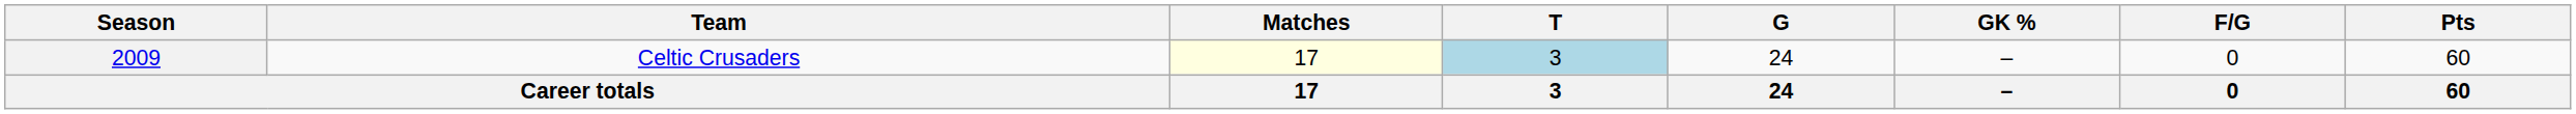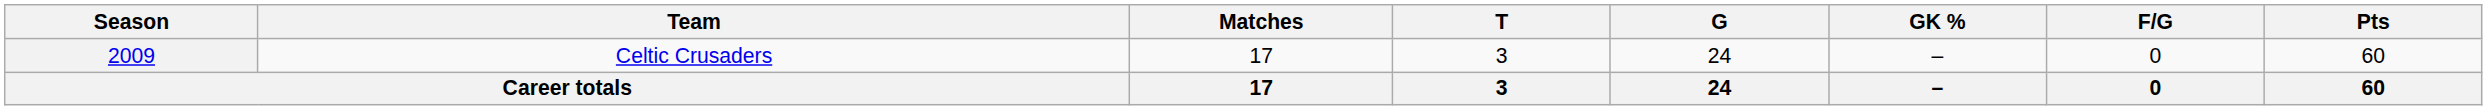 <table class="wikitable sortable"  style="font-size:90%; text-align:center; width:85%;">
 <tr>
 <th width=2%>Season</th>
 <th width=8%>Team</th>
 <th width=2%>Matches</th>
 <th width=2%>T</th>
 <th width=2%>G</th>
 <th width=2%>GK %</th>
 <th width=2%>F/G</th>
 <th width=2%>Pts</th>
 </tr>
 <tr>
 <th scope="row" style="text-align:center; font-weight:normal"><a href='#'>2009</a></th>
 <td style="text-align:center;"> <a href='#'>Celtic Crusaders</a></td>
-<td style="background: lightyellow;">17</td>
-<td style="background: lightblue;">3</td>
+<td>17</td>
+<td>3</td>
 <td>24</td>
 <td>–</td>
 <td>0</td>
 <td>60</td>
 </tr>
 <tr class="sortbottom">
 <th colspan=2>Career totals</th>
 <th>17</th>
 <th>3</th>
 <th>24</th>
 <th>–</th>
 <th>0</th>
 <th>60</th>
 </tr>
 </table>
